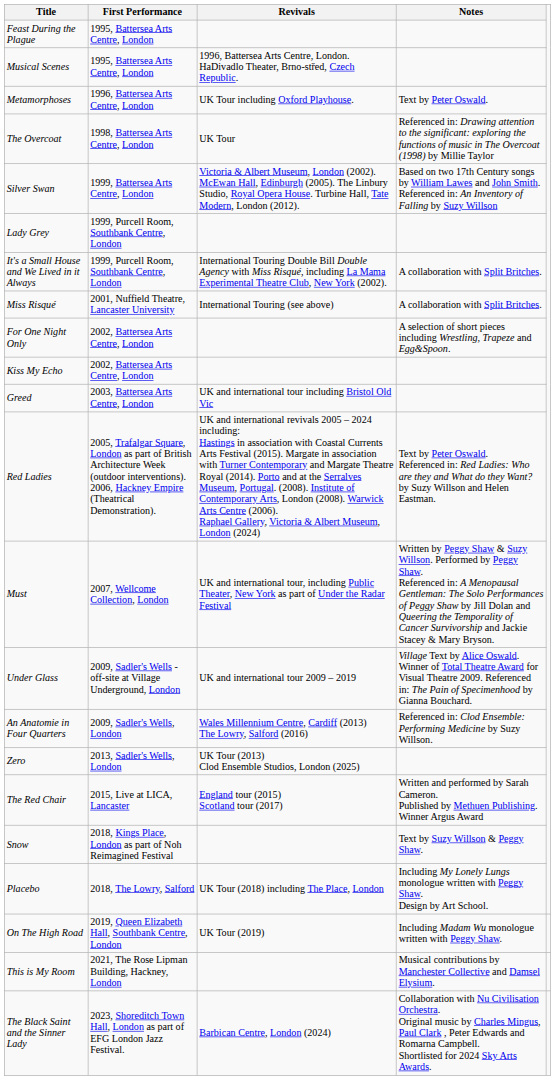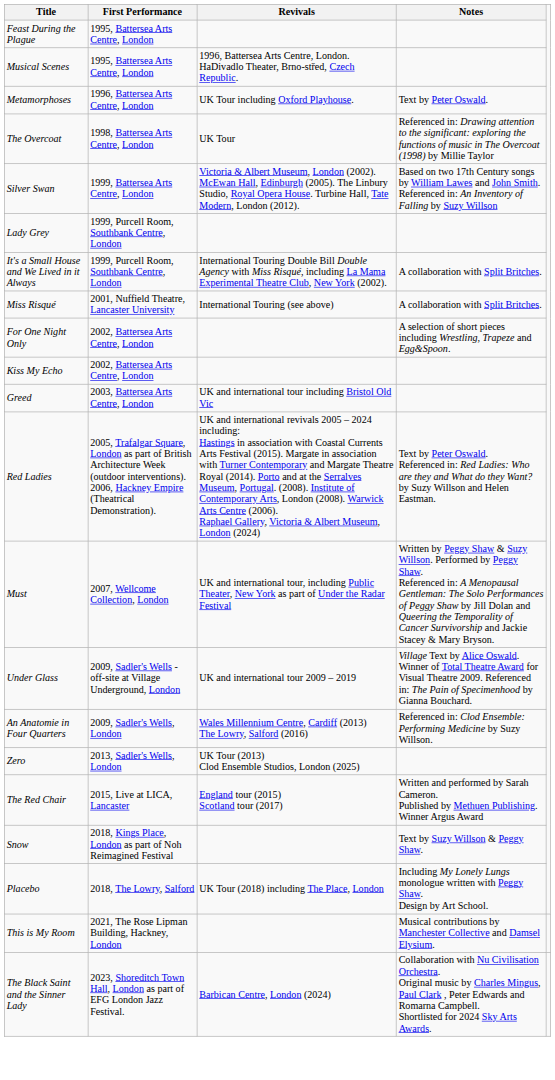 <table class="wikitable sortable">
 <tr>
 <th>Title</th>
 <th>First Performance</th>
 <th class="unsortable">Revivals</th>
 <th class="unsortable">Notes</th>
 </tr>
 <tr>
 <td><em>Feast During the Plague</em></td>
 <td>1995, <a href='#'>Battersea Arts Centre</a>, <a href='#'>London</a></td>
 <td></td>
 <td></td>
 </tr>
 <tr>
 <td><em>Musical Scenes</em></td>
 <td>1995, <a href='#'>Battersea Arts Centre</a>, <a href='#'>London</a></td>
 <td>1996, Battersea Arts Centre, London.<br>HaDivadlo Theater, Brno-střed, <a href='#'>Czech Republic</a>.</td>
 <td></td>
 </tr>
 <tr>
 <td><em>Metamorphoses</em></td>
 <td>1996, <a href='#'>Battersea Arts Centre</a>, <a href='#'>London</a></td>
 <td>UK Tour including <a href='#'>Oxford Playhouse</a>.</td>
 <td>Text by <a href='#'>Peter Oswald</a>.</td>
 </tr>
 <tr>
 <td><em>The Overcoat</em></td>
 <td>1998, <a href='#'>Battersea Arts Centre</a>, <a href='#'>London</a></td>
 <td>UK Tour</td>
 <td>Referenced in: <em>Drawing attention to the significant: exploring the functions of music in The Overcoat (1998)</em> by Millie Taylor</td>
 </tr>
 <tr>
 <td><em>Silver Swan</em></td>
 <td>1999, <a href='#'>Battersea Arts Centre</a>, <a href='#'>London</a></td>
 <td><a href='#'>Victoria & Albert Museum</a>, <a href='#'>London</a> (2002).<br><a href='#'>McEwan Hall</a>, <a href='#'>Edinburgh</a> (2005).  The Linbury Studio, <a href='#'>Royal Opera House</a>.  Turbine Hall, <a href='#'>Tate Modern</a>, London (2012).</td>
 <td>Based on two 17th Century songs by <a href='#'>William Lawes</a> and <a href='#'>John Smith</a>.<br>Referenced in: <em>An Inventory of Falling</em> by <a href='#'>Suzy Willson</a></td>
 </tr>
 <tr>
 <td><em>Lady Grey</em></td>
 <td>1999, Purcell Room, <a href='#'>Southbank Centre</a>, <a href='#'>London</a></td>
 <td></td>
 <td></td>
 </tr>
 <tr>
 <td><em>It's a Small House and We Lived in it Always</em></td>
 <td>1999, Purcell Room, <a href='#'>Southbank Centre</a>, <a href='#'>London</a></td>
 <td>International Touring Double Bill <em>Double Agency</em> with <em>Miss Risqué</em>, including <a href='#'>La Mama Experimental Theatre Club</a>, <a href='#'>New York</a> (2002).</td>
 <td>A collaboration with <a href='#'>Split Britches</a>.</td>
 </tr>
 <tr>
 <td><em>Miss Risqué</em></td>
 <td>2001, Nuffield Theatre, <a href='#'>Lancaster University</a></td>
 <td>International Touring (see above)</td>
 <td>A collaboration with <a href='#'>Split Britches</a>.</td>
 </tr>
 <tr>
 <td><em>For One Night Only</em></td>
 <td>2002, <a href='#'>Battersea Arts Centre</a>, <a href='#'>London</a></td>
 <td></td>
 <td>A selection of short pieces including <em>Wrestling</em>, <em>Trapeze</em> and <em>Egg&Spoon</em>.</td>
 </tr>
 <tr>
 <td><em>Kiss My Echo</em></td>
 <td>2002, <a href='#'>Battersea Arts Centre</a>, <a href='#'>London</a></td>
 <td></td>
 <td></td>
 </tr>
 <tr>
 <td><em>Greed</em></td>
 <td>2003, <a href='#'>Battersea Arts Centre</a>, <a href='#'>London</a></td>
 <td>UK and international tour including <a href='#'>Bristol Old Vic</a></td>
 <td></td>
 </tr>
 <tr>
 <td><em>Red Ladies</em></td>
 <td>2005, <a href='#'>Trafalgar Square</a>, <a href='#'>London</a> as part of British Architecture Week (outdoor interventions).<br>2006, <a href='#'>Hackney Empire</a> (Theatrical Demonstration).</td>
 <td>UK and international revivals 2005 – 2024 including:<br><a href='#'>Hastings</a> in association with Coastal Currents Arts Festival (2015). Margate in association with <a href='#'>Turner Contemporary</a> and Margate Theatre Royal (2014). <a href='#'>Porto</a> and at the <a href='#'>Serralves Museum</a>, <a href='#'>Portugal</a>. (2008). <a href='#'>Institute of Contemporary Arts</a>, London (2008). <a href='#'>Warwick Arts Centre</a> (2006).<br><a href='#'>Raphael Gallery</a>, <a href='#'>Victoria & Albert Museum</a>, <a href='#'>London</a> (2024)</td>
 <td>Text by <a href='#'>Peter Oswald</a>.<br>Referenced in: <em>Red Ladies: Who are they and What do they Want?</em> by Suzy Willson and Helen Eastman.</td>
 </tr>
 <tr>
 <td><em>Must</em></td>
 <td>2007, <a href='#'>Wellcome Collection</a>, <a href='#'>London</a></td>
 <td>UK and international tour, including <a href='#'>Public Theater</a>, <a href='#'>New York</a> as part of <a href='#'>Under the Radar Festival</a></td>
 <td>Written by <a href='#'>Peggy Shaw</a> & <a href='#'>Suzy Willson</a>. Performed by <a href='#'>Peggy Shaw</a>.<br>Referenced in: <em>A Menopausal Gentleman: The Solo Performances of Peggy Shaw</em> by Jill Dolan and <em>Queering the Temporality of Cancer Survivorship</em> and Jackie Stacey & Mary Bryson.</td>
 </tr>
 <tr>
 <td><em>Under Glass</em></td>
 <td>2009, <a href='#'>Sadler's Wells</a> - off-site at Village Underground, <a href='#'>London</a></td>
 <td>UK and international tour 2009 – 2019</td>
 <td><em>Village</em> Text by <a href='#'>Alice Oswald</a>.<br>Winner of <a href='#'>Total Theatre Award</a> for Visual Theatre 2009. Referenced in: <em>The Pain of Specimenhood</em> by Gianna Bouchard.</td>
 </tr>
 <tr>
 <td><em>An Anatomie in Four Quarters</em></td>
 <td>2009, <a href='#'>Sadler's Wells</a>, <a href='#'>London</a></td>
 <td><a href='#'>Wales Millennium Centre</a>, <a href='#'>Cardiff</a> (2013)<br><a href='#'>The Lowry</a>, <a href='#'>Salford</a> (2016)</td>
 <td>Referenced in: <em>Clod Ensemble: Performing Medicine</em> by Suzy Willson.</td>
 </tr>
 <tr>
 <td><em>Zero</em></td>
 <td>2013, <a href='#'>Sadler's Wells</a>, <a href='#'>London</a></td>
 <td>UK Tour (2013)<br>Clod Ensemble Studios, London (2025)</td>
 <td></td>
 </tr>
 <tr>
 <td><em>The Red Chair</em></td>
 <td>2015, Live at LICA, <a href='#'>Lancaster</a></td>
 <td><a href='#'>England</a> tour (2015)<br><a href='#'>Scotland</a> tour (2017)</td>
 <td>Written and performed by Sarah Cameron.<br>Published by <a href='#'>Methuen Publishing</a>. Winner Argus Award</td>
 </tr>
 <tr>
 <td><em>Snow</em></td>
 <td>2018, <a href='#'>Kings Place</a>, <a href='#'>London</a> as part of Noh Reimagined Festival</td>
 <td></td>
 <td>Text by <a href='#'>Suzy Willson</a> & <a href='#'>Peggy Shaw</a>.</td>
 </tr>
 <tr>
 <td><em>Placebo</em></td>
 <td>2018, <a href='#'>The Lowry</a>, <a href='#'>Salford</a></td>
 <td>UK Tour (2018) including <a href='#'>The Place</a>, <a href='#'>London</a></td>
 <td>Including <em>My Lonely Lungs</em> monologue written with <a href='#'>Peggy Shaw</a>.<br>Design by Art School.</td>
 </tr>
 <tr>
-<td><em>On The High Road</em></td>
-<td>2019, <a href='#'>Queen Elizabeth Hall</a>, <a href='#'>Southbank Centre</a>, <a href='#'>London</a></td>
-<td>UK Tour (2019)</td>
-<td>Including <em>Madam Wu</em> monologue written with <a href='#'>Peggy Shaw</a>.</td>
-<td></td>
-</tr>
-<tr>
 <td><em>This is My Room</em></td>
 <td>2021, The Rose Lipman Building, Hackney, <a href='#'>London</a></td>
 <td></td>
 <td>Musical contributions by <a href='#'>Manchester Collective</a> and <a href='#'>Damsel Elysium</a>.</td>
 <td></td>
 </tr>
 <tr>
 <td><em>The Black Saint and the Sinner Lady</em></td>
 <td>2023, <a href='#'>Shoreditch Town Hall</a>, <a href='#'>London</a> as part of EFG London Jazz Festival.</td>
 <td><a href='#'>Barbican Centre</a>, <a href='#'>London</a> (2024)</td>
 <td>Collaboration with <a href='#'>Nu Civilisation Orchestra</a>.<br>Original music by <a href='#'>Charles Mingus</a>,  <a href='#'>Paul Clark</a> , Peter Edwards and Romarna Campbell.<br>Shortlisted for 2024 <a href='#'>Sky Arts Awards</a>.</td>
 </tr>
 </table>
